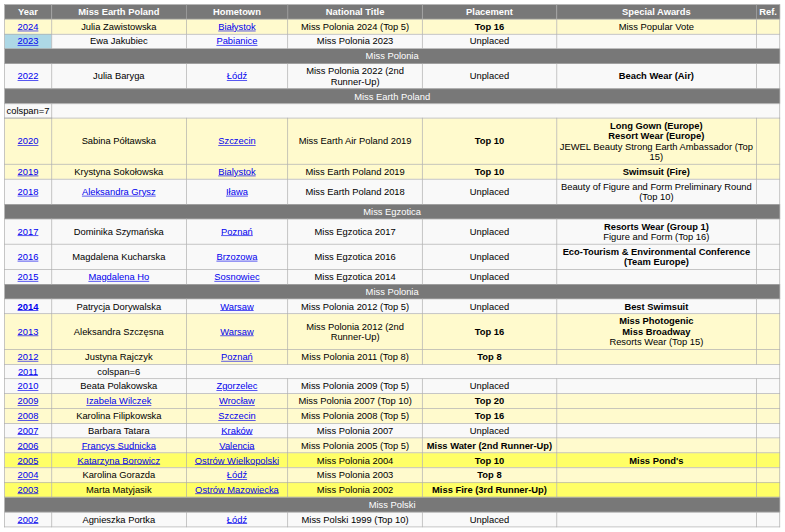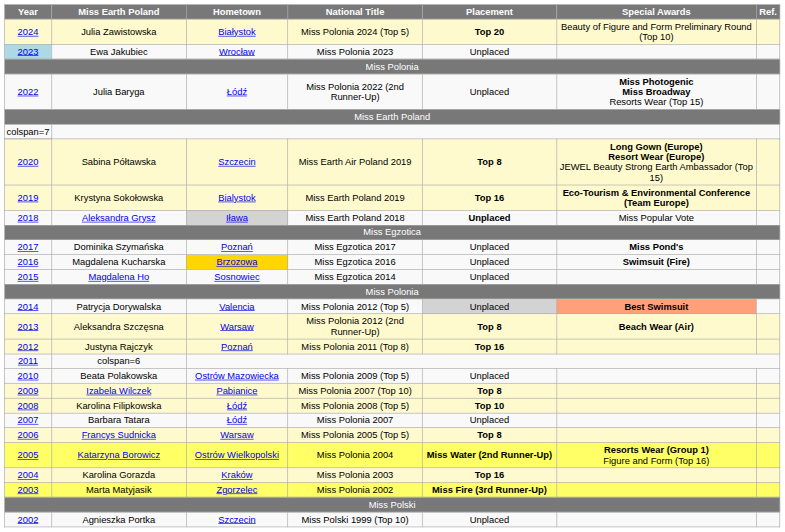 <table class="wikitable sortable" style="font-size: 90%; text-align:center">
 <tr>
 <th width="30" style="background-color:#787878;color:#FFFFFF;">Year</th>
 <th width="200" style="background-color:#787878;color:#FFFFFF;">Miss Earth Poland</th>
 <th width="150" style="background-color:#787878;color:#FFFFFF;">Hometown</th>
 <th width="200" style="background-color:#787878;color:#FFFFFF;">National Title</th>
 <th width="200" style="background-color:#787878;color:#FFFFFF;">Placement</th>
 <th width="300" style="background-color:#787878;color:#FFFFFF;">Special Awards</th>
 <th width="30" style="background-color:#787878;color:#FFFFFF;">Ref.</th>
 </tr>
 <tr style="background-color:#FFFACD;">
 <td><a href='#'>2024</a></td>
 <td>Julia Zawistowska</td>
 <td><a href='#'>Białystok</a></td>
 <td>Miss Polonia 2024 (Top 5)</td>
-<td><strong>Top 16</strong></td>
-<td>Miss Popular Vote</td>
+<td><strong>Top 20</strong></td>
+<td>Beauty of Figure and Form Preliminary Round (Top 10)</td>
 <td></td>
 </tr>
 <tr>
 <td style="background: lightblue;"><a href='#'>2023</a></td>
 <td>Ewa Jakubiec</td>
-<td><a href='#'>Pabianice</a></td>
+<td><a href='#'>Wrocław</a></td>
 <td>Miss Polonia 2023</td>
 <td>Unplaced</td>
 <td></td>
 <td></td>
 </tr>
 <tr>
 <td colspan="7" bgcolor="#787878" style="color:#FFFFFF">Miss Polonia</td>
 </tr>
 <tr>
 <td><a href='#'>2022</a></td>
 <td>Julia Baryga</td>
 <td><a href='#'>Łódź</a></td>
 <td>Miss Polonia 2022 (2nd Runner-Up)</td>
 <td>Unplaced</td>
-<td><strong> Beach Wear (Air)</strong></td>
+<td><strong>Miss Photogenic<br>Miss Broadway</strong><br>Resorts Wear (Top 15)</td>
 <td></td>
 </tr>
 <tr>
 <td colspan="7" bgcolor="#787878" style="color:#FFFFFF">Miss Earth Poland</td>
 </tr>
 <tr>
 <td>colspan=7 </td>
 </tr>
 <tr>
 </tr>
 <tr style="background-color:#FFFACD;">
 <td><a href='#'>2020</a></td>
 <td>Sabina Półtawska</td>
 <td><a href='#'>Szczecin</a></td>
 <td>Miss Earth Air Poland 2019</td>
-<td><strong>Top 10</strong></td>
+<td><strong>Top 8</strong></td>
 <td><strong> Long Gown (Europe)<br> Resort Wear (Europe)</strong><br>JEWEL Beauty Strong Earth Ambassador (Top 15)</td>
 <td></td>
 </tr>
 <tr style="background-color:#FFFACD;">
 <td><a href='#'>2019</a></td>
 <td>Krystyna Sokołowska</td>
 <td><a href='#'>Bialystok</a></td>
 <td>Miss Earth Poland 2019</td>
-<td><strong>Top 10</strong></td>
-<td><strong> Swimsuit (Fire)</strong></td>
+<td><strong>Top 16</strong></td>
+<td><strong>Eco-Tourism & Environmental Conference (Team Europe)</strong></td>
 <td></td>
 </tr>
 <tr>
 <td><a href='#'>2018</a></td>
 <td><a href='#'>Aleksandra Grysz</a></td>
-<td><a href='#'>Iława</a></td>
+<td style="background: lightgrey;"><a href='#'>Iława</a></td>
 <td>Miss Earth Poland 2018</td>
-<td>Unplaced</td>
-<td>Beauty of Figure and Form Preliminary Round (Top 10)</td>
+<td><strong>Unplaced</strong></td>
+<td>Miss Popular Vote</td>
 <td></td>
 </tr>
 <tr>
 <td colspan="7" bgcolor="#787878" style="color:#FFFFFF">Miss Egzotica</td>
 </tr>
 <tr>
 <td><a href='#'>2017</a></td>
 <td>Dominika Szymańska</td>
 <td><a href='#'>Poznań</a></td>
 <td>Miss Egzotica 2017</td>
 <td>Unplaced</td>
-<td><strong> Resorts Wear (Group 1)</strong><br>Figure and Form (Top 16)</td>
+<td><strong>Miss Pond's</strong></td>
 <td></td>
 </tr>
 <tr>
 <td><a href='#'>2016</a></td>
 <td>Magdalena Kucharska</td>
-<td><a href='#'>Brzozowa</a></td>
+<td style="background: gold;"><a href='#'>Brzozowa</a></td>
 <td>Miss Egzotica 2016</td>
 <td>Unplaced</td>
-<td><strong>Eco-Tourism & Environmental Conference (Team Europe)</strong></td>
+<td><strong> Swimsuit (Fire)</strong></td>
 <td></td>
 </tr>
 <tr>
 <td><a href='#'>2015</a></td>
 <td><a href='#'>Magdalena Ho</a></td>
 <td><a href='#'>Sosnowiec</a></td>
 <td>Miss Egzotica 2014</td>
 <td>Unplaced</td>
 <td></td>
 <td></td>
 </tr>
 <tr>
 <td colspan="7" bgcolor="#787878" style="color:#FFFFFF">Miss Polonia</td>
 </tr>
 <tr>
-<td><strong><a href='#'>2014</a></strong></td>
+<td><a href='#'>2014</a></td>
 <td>Patrycja Dorywalska</td>
-<td><a href='#'>Warsaw</a></td>
+<td><a href='#'>Valencia</a></td>
 <td>Miss Polonia 2012 (Top 5)</td>
-<td>Unplaced</td>
-<td><strong> Best Swimsuit</strong></td>
+<td style="background: lightgrey;">Unplaced</td>
+<td style="background: lightsalmon;"><strong> Best Swimsuit</strong></td>
 <td></td>
 </tr>
 <tr style="background-color:#FFFACD;">
 <td><a href='#'>2013</a></td>
 <td>Aleksandra Szczęsna</td>
 <td><a href='#'>Warsaw</a></td>
 <td>Miss Polonia 2012 (2nd Runner-Up)</td>
-<td><strong>Top 16</strong></td>
-<td><strong>Miss Photogenic<br>Miss Broadway</strong><br>Resorts Wear (Top 15)</td>
+<td><strong>Top 8</strong></td>
+<td><strong> Beach Wear (Air)</strong></td>
 <td></td>
 </tr>
 <tr style="background-color:#FFFACD;">
 <td><a href='#'>2012</a></td>
 <td>Justyna Rajczyk</td>
 <td><a href='#'>Poznań</a></td>
 <td>Miss Polonia 2011 (Top 8)</td>
-<td><strong>Top 8</strong></td>
+<td><strong>Top 16</strong></td>
 <td></td>
 <td></td>
 </tr>
 <tr>
 <td><a href='#'>2011</a></td>
 <td>colspan=6 </td>
 </tr>
 <tr>
 <td><a href='#'>2010</a></td>
 <td>Beata Polakowska</td>
-<td><a href='#'>Zgorzelec</a></td>
+<td><a href='#'>Ostrów Mazowiecka</a></td>
 <td>Miss Polonia 2009 (Top 5)</td>
 <td>Unplaced</td>
 <td></td>
 <td></td>
 </tr>
 <tr style="background-color:#FFFACD; ">
 <td><a href='#'>2009</a></td>
 <td><a href='#'>Izabela Wilczek</a></td>
-<td><a href='#'>Wrocław</a></td>
+<td><a href='#'>Pabianice</a></td>
 <td>Miss Polonia 2007 (Top 10)</td>
-<td><strong>Top 20</strong></td>
+<td><strong>Top 8</strong></td>
 <td></td>
 <td></td>
 </tr>
 <tr style="background-color:#FFFACD;">
 <td><a href='#'>2008</a></td>
 <td>Karolina Filipkowska</td>
-<td><a href='#'>Szczecin</a></td>
+<td><a href='#'>Łódź</a></td>
 <td>Miss Polonia 2008 (Top 5)</td>
-<td><strong>Top 16</strong></td>
+<td><strong>Top 10</strong></td>
 <td></td>
 <td></td>
 </tr>
 <tr>
 <td><a href='#'>2007</a></td>
 <td>Barbara Tatara</td>
-<td><a href='#'>Kraków</a></td>
+<td><a href='#'>Łódź</a></td>
 <td>Miss Polonia 2007</td>
 <td>Unplaced</td>
 <td></td>
 <td></td>
 </tr>
 <tr style="background-color:#FFFACD;">
 <td><a href='#'>2006</a></td>
 <td><a href='#'>Francys Sudnicka</a></td>
-<td><a href='#'>Valencia</a></td>
+<td><a href='#'>Warsaw</a></td>
 <td>Miss Polonia 2005 (Top 5)</td>
-<td><strong>Miss Water (2nd Runner-Up)</strong></td>
+<td><strong>Top 8</strong></td>
 <td></td>
 <td></td>
 </tr>
 <tr style="background-color:#FFFF66;">
 <td><a href='#'>2005</a></td>
 <td><a href='#'>Katarzyna Borowicz</a></td>
 <td><a href='#'>Ostrów Wielkopolski</a></td>
 <td>Miss Polonia 2004</td>
-<td><strong>Top 10</strong></td>
-<td><strong>Miss Pond's</strong></td>
+<td><strong>Miss Water (2nd Runner-Up)</strong></td>
+<td><strong> Resorts Wear (Group 1)</strong><br>Figure and Form (Top 16)</td>
 <td></td>
 </tr>
 <tr style="background-color:#FFFACD;">
 <td><a href='#'>2004</a></td>
 <td>Karolina Gorazda</td>
-<td><a href='#'>Łódź</a></td>
+<td><a href='#'>Kraków</a></td>
 <td>Miss Polonia 2003</td>
-<td><strong>Top 8</strong></td>
+<td><strong>Top 16</strong></td>
 <td></td>
 <td></td>
 </tr>
 <tr style="background-color:#FFFF66;">
 <td><a href='#'>2003</a></td>
 <td>Marta Matyjasik</td>
-<td><a href='#'>Ostrów Mazowiecka</a></td>
+<td><a href='#'>Zgorzelec</a></td>
 <td>Miss Polonia 2002</td>
 <td><strong>Miss Fire (3rd Runner-Up)</strong></td>
 <td></td>
 <td></td>
 </tr>
 <tr>
 <td colspan="7" bgcolor="#787878" style="color:#FFFFFF">Miss Polski</td>
 </tr>
 <tr>
 <td><a href='#'>2002</a></td>
 <td>Agnieszka Portka</td>
-<td><a href='#'>Łódź</a></td>
+<td><a href='#'>Szczecin</a></td>
 <td>Miss Polski 1999 (Top 10)</td>
 <td>Unplaced</td>
 <td></td>
 <td></td>
 </tr>
 </table>
